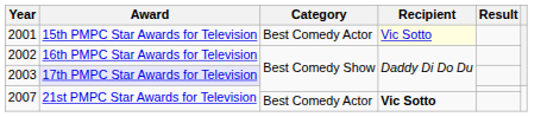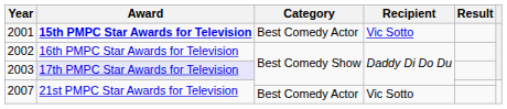 <table class="wikitable">
 <tr>
 <th>Year</th>
 <th>Award</th>
 <th>Category</th>
 <th>Recipient</th>
 <th>Result</th>
 <th></th>
 </tr>
 <tr>
 <td>2001</td>
-<td><a href='#'>15th PMPC Star Awards for Television</a></td>
+<td><strong><a href='#'>15th PMPC Star Awards for Television</a></strong></td>
 <td>Best Comedy Actor</td>
-<td style="background: lightyellow;"><a href='#'>Vic Sotto</a></td>
+<td><a href='#'>Vic Sotto</a></td>
 <td></td>
 <th rowspan=3></th>
 </tr>
 <tr>
 <td>2002</td>
 <td><a href='#'>16th PMPC Star Awards for Television</a></td>
 <td rowspan=3>Best Comedy Show</td>
 <td rowspan=3><em>Daddy Di Do Du</em></td>
 <td></td>
 </tr>
 <tr>
 <td>2003</td>
 <td style="background: lavender;"><a href='#'>17th PMPC Star Awards for Television</a></td>
 <td></td>
 </tr>
 <tr>
 <td rowspan=2>2007</td>
 <td rowspan=2><a href='#'>21st PMPC Star Awards for Television</a></td>
 <td></td>
 <td rowspan=2></td>
 </tr>
 <tr>
 <td>Best Comedy Actor</td>
-<td><strong>Vic Sotto</strong></td>
+<td>Vic Sotto</td>
 <td></td>
 </tr>
 </table>
